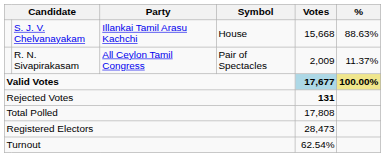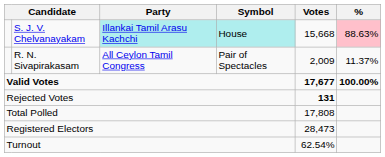 <table class="wikitable" border="1" style="text-align:right;">
 <tr>
 <th align=left colspan=2 width="180">Candidate</th>
 <th align=left width="180">Party</th>
 <th align=left width="120">Symbol</th>
 <th align=left width="60">Votes</th>
 <th align=left width="60">%</th>
 </tr>
 <tr>
 <td bgcolor=> </td>
 <td align=left><a href='#'>S. J. V. Chelvanayakam</a></td>
-<td align=left><a href='#'>Illankai Tamil Arasu Kachchi</a></td>
-<td align=left>House</td>
+<td align=left style="background: paleturquoise;"><a href='#'>Illankai Tamil Arasu Kachchi</a></td>
+<td align=left style="background: paleturquoise;">House</td>
 <td>15,668</td>
-<td>88.63%</td>
+<td style="background: pink;">88.63%</td>
 </tr>
 <tr>
 <td bgcolor=> </td>
 <td align=left>R. N. Sivapirakasam</td>
 <td align=left><a href='#'>All Ceylon Tamil Congress</a></td>
 <td align=left>Pair of Spectacles</td>
 <td>2,009</td>
 <td>11.37%</td>
 </tr>
 <tr>
 <td align=left colspan=4><strong>Valid Votes</strong></td>
-<td style="background: lightblue;"><strong>17,677</strong></td>
-<td style="background: khaki;"><strong>100.00%</strong></td>
+<td><strong>17,677</strong></td>
+<td><strong>100.00%</strong></td>
 </tr>
 <tr>
 <td align=left colspan=4>Rejected Votes</td>
 <td><strong>131</strong></td>
 <td></td>
 </tr>
 <tr>
 <td align=left colspan=4>Total Polled</td>
 <td>17,808</td>
 <td></td>
 </tr>
 <tr>
 <td align=left colspan=4>Registered Electors</td>
 <td>28,473</td>
 <td></td>
 </tr>
 <tr>
 <td align=left colspan=4>Turnout</td>
 <td>62.54%</td>
 </tr>
 </table>
